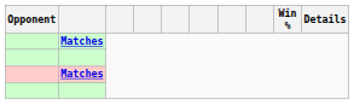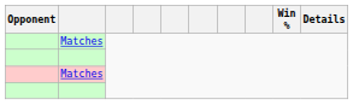 <table class="wikitable" style="text-align:center;">
 <tr>
 <th>Opponent</th>
 <th width="30"></th>
 <th width="30"></th>
 <th width="30"></th>
 <th width="30"></th>
 <th width="30"></th>
 <th width="30"></th>
 <th width="30"></th>
 <th width="30">Win %</th>
 <th>Details</th>
 </tr>
 <tr style="background:#ccffcc">
 <td style="text-align:left"><br></td>
-<td><strong><a href='#'>Matches</a></strong></td>
+<td><a href='#'>Matches</a></td>
 </tr>
 <tr style="background:#ccffcc">
 <td style="text-align:left"><br></td>
 <td></td>
 </tr>
 <tr style="background:#ffcccc">
 <td style="text-align:left"><br></td>
-<td><strong><a href='#'>Matches</a></strong></td>
+<td><a href='#'>Matches</a></td>
 </tr>
 <tr style="background:#ccffcc">
 <td style="text-align:left"><br></td>
 <td></td>
 </tr>
 </table>
